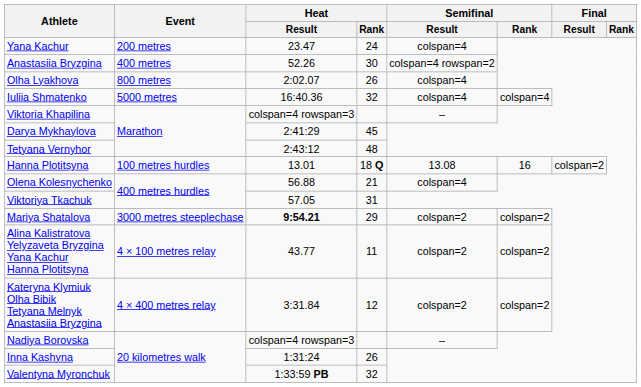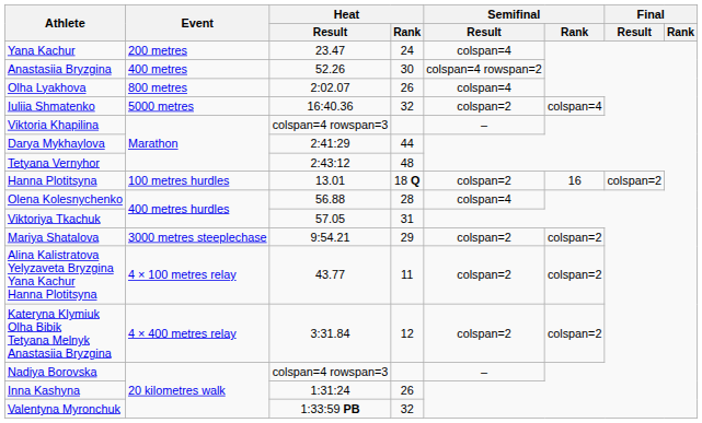 <table class="wikitable" style="font-size:90%">
 <tr>
 <th rowspan="2">Athlete</th>
 <th rowspan="2">Event</th>
 <th colspan="2">Heat</th>
 <th colspan="2">Semifinal</th>
 <th colspan="2">Final</th>
 </tr>
 <tr style="font-size:95%">
 <th>Result</th>
 <th>Rank</th>
 <th>Result</th>
 <th>Rank</th>
 <th>Result</th>
 <th>Rank</th>
 </tr>
 <tr style=text-align:center>
 <td style=text-align:left><a href='#'>Yana Kachur</a></td>
 <td style=text-align:left><a href='#'>200 metres</a></td>
 <td>23.47</td>
 <td>24</td>
 <td>colspan=4 </td>
 </tr>
 <tr style=text-align:center>
 <td style=text-align:left><a href='#'>Anastasiia Bryzgina</a></td>
 <td style=text-align:left><a href='#'>400 metres</a></td>
 <td>52.26</td>
 <td>30</td>
 <td>colspan=4 rowspan=2 </td>
 </tr>
 <tr style=text-align:center>
 <td style=text-align:left><a href='#'>Olha Lyakhova</a></td>
 <td style=text-align:left><a href='#'>800 metres</a></td>
 <td>2:02.07</td>
 <td>26</td>
 <td>colspan=4 </td>
 </tr>
 <tr style=text-align:center>
 <td style=text-align:left><a href='#'>Iuliia Shmatenko</a></td>
 <td style=text-align:left><a href='#'>5000 metres</a></td>
 <td>16:40.36</td>
 <td>32</td>
-<td>colspan=4 </td>
+<td>colspan=2 </td>
 <td>colspan=4 </td>
 </tr>
 <tr style=text-align:center>
 <td style=text-align:left><a href='#'>Viktoria Khapilina</a></td>
 <td style=text-align:left rowspan=3><a href='#'>Marathon</a></td>
 <td>colspan=4 rowspan=3 </td>
 <td></td>
 <td>–</td>
 </tr>
 <tr style=text-align:center>
 <td style=text-align:left><a href='#'>Darya Mykhaylova</a></td>
 <td>2:41:29</td>
-<td>45</td>
+<td>44</td>
 </tr>
 <tr style=text-align:center>
 <td style=text-align:left><a href='#'>Tetyana Vernyhor</a></td>
 <td>2:43:12</td>
 <td>48</td>
 </tr>
 <tr style=text-align:center>
 <td style=text-align:left><a href='#'>Hanna Plotitsyna</a></td>
 <td style=text-align:left><a href='#'>100 metres hurdles</a></td>
 <td>13.01</td>
 <td>18 <strong>Q</strong></td>
-<td>13.08</td>
+<td>colspan=2 </td>
 <td>16</td>
 <td>colspan=2 </td>
 </tr>
 <tr style=text-align:center>
 <td style=text-align:left><a href='#'>Olena Kolesnychenko</a></td>
 <td style=text-align:left rowspan=2><a href='#'>400 metres hurdles</a></td>
 <td>56.88</td>
-<td>21</td>
+<td>28</td>
 <td>colspan=4 </td>
 </tr>
 <tr style=text-align:center>
 <td style=text-align:left><a href='#'>Viktoriya Tkachuk</a></td>
 <td>57.05</td>
 <td>31</td>
 </tr>
 <tr style=text-align:center>
 <td style=text-align:left><a href='#'>Mariya Shatalova</a></td>
 <td style=text-align:left><a href='#'>3000 metres steeplechase</a></td>
-<td><strong>9:54.21</strong></td>
+<td>9:54.21</td>
 <td>29</td>
 <td>colspan=2 </td>
 <td>colspan=2 </td>
 </tr>
 <tr style=text-align:center>
 <td style=text-align:left><a href='#'>Alina Kalistratova</a><br><a href='#'>Yelyzaveta Bryzgina</a><br><a href='#'>Yana Kachur</a><br><a href='#'>Hanna Plotitsyna</a></td>
 <td style=text-align:left><a href='#'>4 × 100 metres relay</a></td>
 <td>43.77</td>
 <td>11</td>
 <td>colspan=2 </td>
 <td>colspan=2 </td>
 </tr>
 <tr style=text-align:center>
 <td style=text-align:left><a href='#'>Kateryna Klymiuk</a><br><a href='#'>Olha Bibik</a><br><a href='#'>Tetyana Melnyk</a><br><a href='#'>Anastasiia Bryzgina</a></td>
 <td style=text-align:left><a href='#'>4 × 400 metres relay</a></td>
 <td>3:31.84</td>
 <td>12</td>
 <td>colspan=2 </td>
 <td>colspan=2 </td>
 </tr>
 <tr style=text-align:center>
 <td style=text-align:left><a href='#'>Nadiya Borovska</a></td>
 <td style=text-align:left rowspan=3><a href='#'>20 kilometres walk</a></td>
 <td>colspan=4 rowspan=3 </td>
 <td></td>
 <td>–</td>
 </tr>
 <tr style=text-align:center>
 <td style=text-align:left><a href='#'>Inna Kashyna</a></td>
 <td>1:31:24</td>
 <td>26</td>
 </tr>
 <tr style=text-align:center>
 <td style=text-align:left><a href='#'>Valentyna Myronchuk</a></td>
 <td>1:33:59 <strong>PB</strong></td>
 <td>32</td>
 </tr>
 </table>
